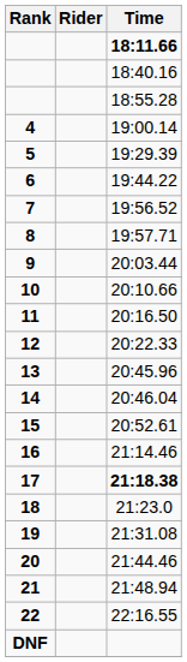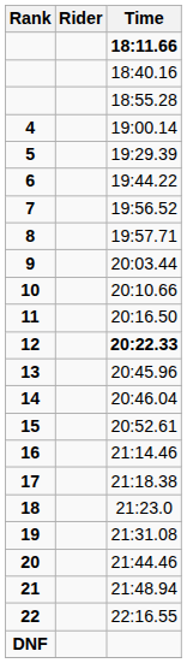 <table class=wikitable style="text-align:center;">
 <tr>
 <th>Rank</th>
 <th>Rider</th>
 <th>Time</th>
 </tr>
 <tr>
 <td></td>
 <td align="left"></td>
 <td><strong>18:11.66</strong></td>
 </tr>
 <tr>
 <td></td>
 <td align="left"></td>
 <td>18:40.16</td>
 </tr>
 <tr>
 <td></td>
 <td align="left"></td>
 <td>18:55.28</td>
 </tr>
 <tr>
 <td><strong>4</strong></td>
 <td align="left"></td>
 <td>19:00.14</td>
 </tr>
 <tr>
 <td><strong>5</strong></td>
 <td align="left"></td>
 <td>19:29.39</td>
 </tr>
 <tr>
 <td><strong>6</strong></td>
 <td align="left"></td>
 <td>19:44.22</td>
 </tr>
 <tr>
 <td><strong>7</strong></td>
 <td align="left"></td>
 <td>19:56.52</td>
 </tr>
 <tr>
 <td><strong>8</strong></td>
 <td align="left"></td>
 <td>19:57.71</td>
 </tr>
 <tr>
 <td><strong>9</strong></td>
 <td align="left"></td>
 <td>20:03.44</td>
 </tr>
 <tr>
 <td><strong>10</strong></td>
 <td align="left"></td>
 <td>20:10.66</td>
 </tr>
 <tr>
 <td><strong>11</strong></td>
 <td align="left"></td>
 <td>20:16.50</td>
 </tr>
 <tr>
 <td><strong>12</strong></td>
 <td align="left"></td>
-<td>20:22.33</td>
+<td><strong>20:22.33</strong></td>
 </tr>
 <tr>
 <td><strong>13</strong></td>
 <td align="left"></td>
 <td>20:45.96</td>
 </tr>
 <tr>
 <td><strong>14</strong></td>
 <td align="left"></td>
 <td>20:46.04</td>
 </tr>
 <tr>
 <td><strong>15</strong></td>
 <td align="left"></td>
 <td>20:52.61</td>
 </tr>
 <tr>
 <td><strong>16</strong></td>
 <td align="left"></td>
 <td>21:14.46</td>
 </tr>
 <tr>
 <td><strong>17</strong></td>
 <td align="left"></td>
-<td><strong>21:18.38</strong></td>
+<td>21:18.38</td>
 </tr>
 <tr>
 <td><strong>18</strong></td>
 <td align="left"></td>
 <td>21:23.0</td>
 </tr>
 <tr>
 <td><strong>19</strong></td>
 <td align="left"></td>
 <td>21:31.08</td>
 </tr>
 <tr>
 <td><strong>20</strong></td>
 <td align="left"></td>
 <td>21:44.46</td>
 </tr>
 <tr>
 <td><strong>21</strong></td>
 <td align="left"></td>
 <td>21:48.94</td>
 </tr>
 <tr>
 <td><strong>22</strong></td>
 <td align="left"></td>
 <td>22:16.55</td>
 </tr>
 <tr>
 <td><strong>DNF</strong></td>
 <td align="left"></td>
 <td></td>
 </tr>
 <tr>
 </tr>
 </table>
